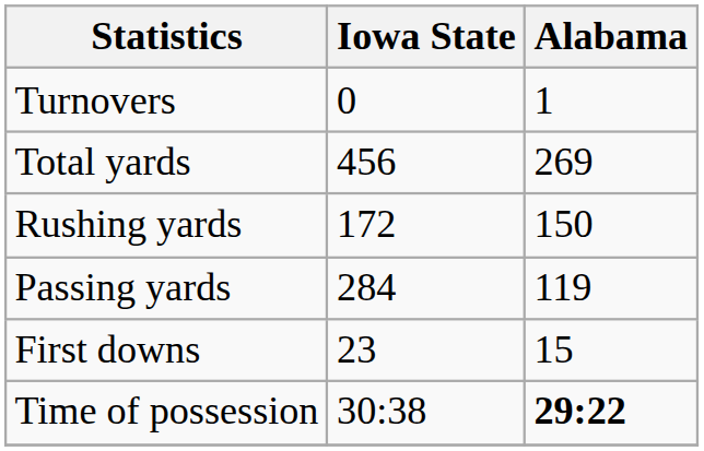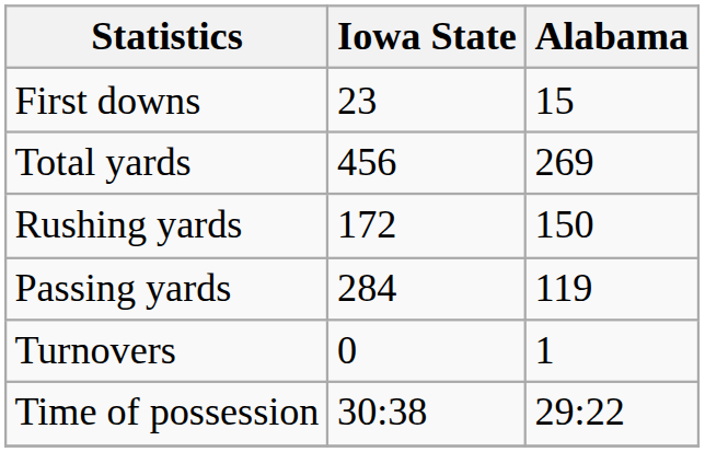 <table class="wikitable" style="float: left;">
 <tr>
 <th>Statistics</th>
 <th style=>Iowa State</th>
 <th>Alabama</th>
 </tr>
 <tr>
-<td>Turnovers</td>
-<td>0</td>
-<td>1</td>
+<td>First downs</td>
+<td>23</td>
+<td>15</td>
 </tr>
 <tr>
 <td>Total yards</td>
 <td>456</td>
 <td>269</td>
 </tr>
 <tr>
 <td>Rushing yards</td>
 <td>172</td>
 <td>150</td>
 </tr>
 <tr>
 <td>Passing yards</td>
 <td>284</td>
 <td>119</td>
 </tr>
 <tr>
-<td>First downs</td>
-<td>23</td>
-<td>15</td>
+<td>Turnovers</td>
+<td>0</td>
+<td>1</td>
 </tr>
 <tr>
 <td>Time of possession</td>
 <td>30:38</td>
-<td><strong>29:22</strong></td>
+<td>29:22</td>
 </tr>
 <tr>
 </tr>
 </table>
